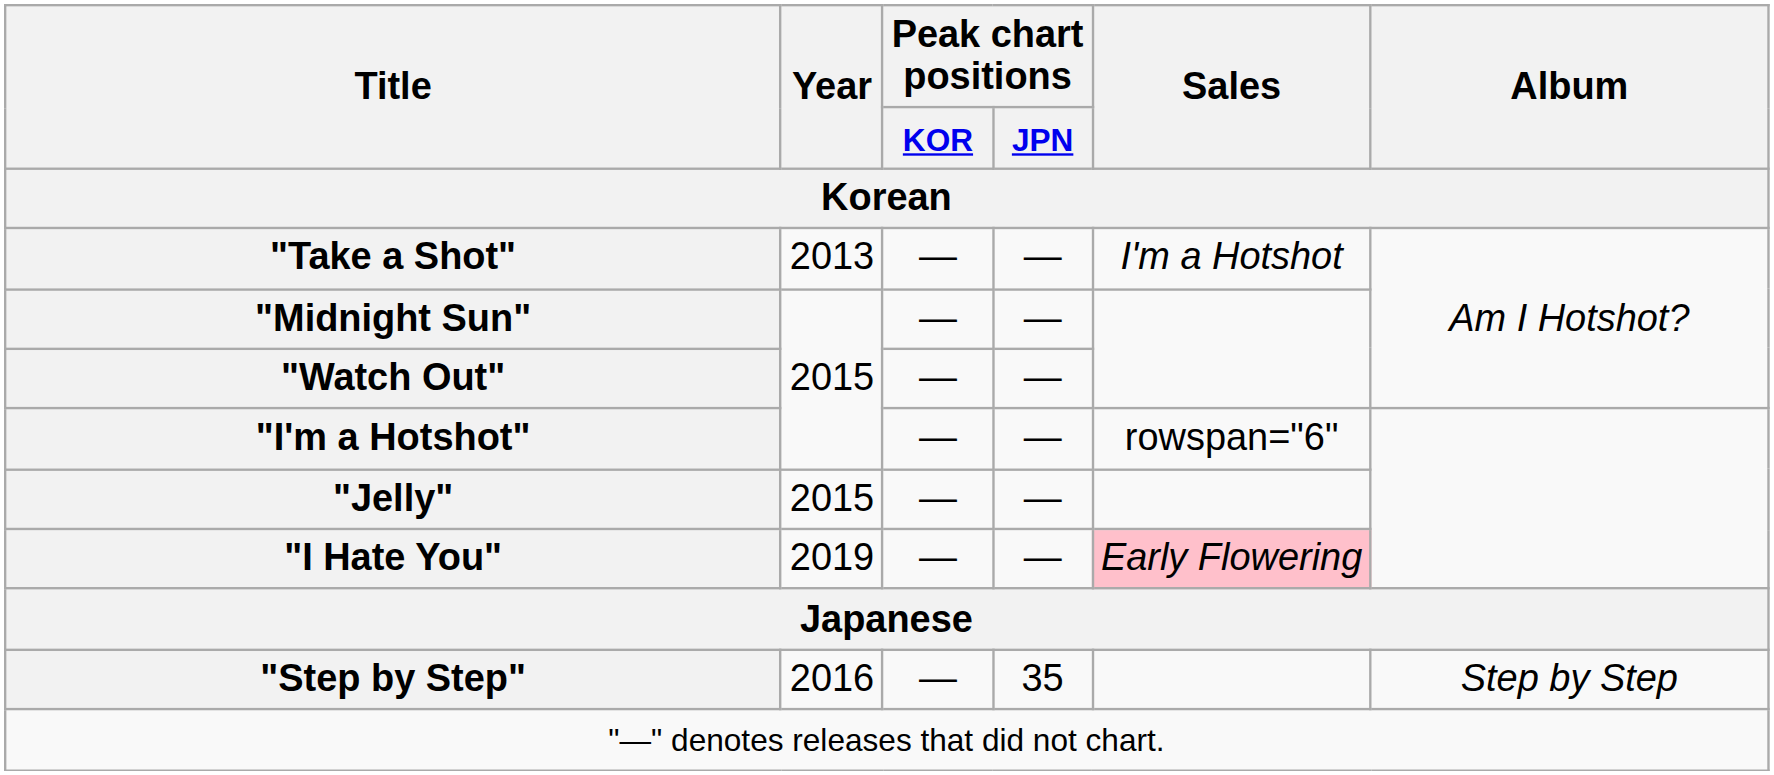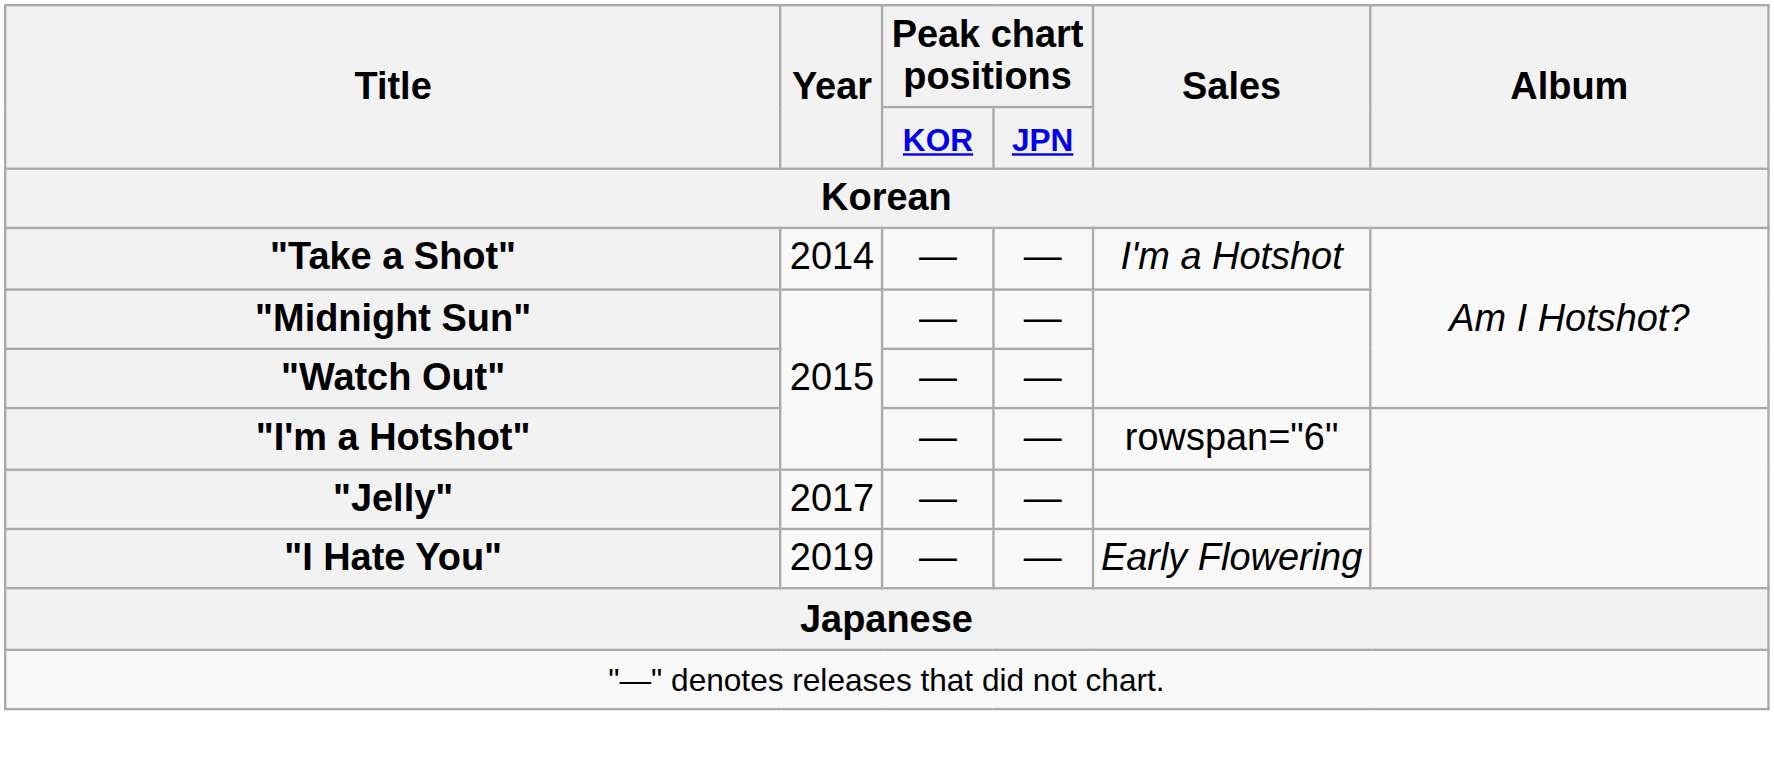 <table class="wikitable plainrowheaders" style="text-align:center;" border="1">
 <tr>
 <th scope="col" rowspan="2" style="width:20em;">Title</th>
 <th scope="col" rowspan="2">Year</th>
 <th scope="col" colspan="2">Peak chart <br> positions</th>
 <th scope="col" rowspan="2">Sales</th>
 <th scope="col" rowspan="2" style="width:10em;">Album</th>
 </tr>
 <tr>
 <th><small><a href='#'>KOR</a></small><br></th>
 <th><small><a href='#'>JPN</a></small><br></th>
 </tr>
 <tr>
 <th colspan="6">Korean</th>
 </tr>
 <tr>
 <th scope="row">"Take a Shot"</th>
-<td>2013</td>
+<td>2014</td>
 <td>—</td>
 <td>—</td>
 <td><em>I'm a Hotshot</em></td>
 <td rowspan="3"><em>Am I Hotshot?</em></td>
 </tr>
 <tr>
 <th scope="row">"Midnight Sun"</th>
 <td rowspan="3">2015</td>
 <td>—</td>
 <td>—</td>
 </tr>
 <tr>
 <th scope="row">"Watch Out"</th>
 <td>—</td>
 <td>—</td>
 </tr>
 <tr>
 <th scope="row">"I'm a Hotshot"</th>
 <td>—</td>
 <td>—</td>
 <td>rowspan="6" </td>
 </tr>
 <tr>
 <th scope="row">"Jelly"</th>
-<td>2015</td>
+<td>2017</td>
 <td>—</td>
 <td>—</td>
 <td></td>
 </tr>
 <tr>
 <th scope="row">"I Hate You" </th>
 <td>2019</td>
 <td>—</td>
 <td>—</td>
-<td style="background: pink;"><em>Early Flowering</em></td>
+<td><em>Early Flowering</em></td>
 </tr>
 <tr>
 <th colspan="6">Japanese</th>
 </tr>
 <tr>
-<th scope="row">"Step by Step"</th>
-<td>2016</td>
-<td>—</td>
-<td>35</td>
-<td></td>
-<td><em>Step by Step</em></td>
-</tr>
-<tr>
 <td colspan="6"><small>"—" denotes releases that did not chart.</small></td>
 </tr>
 </table>
